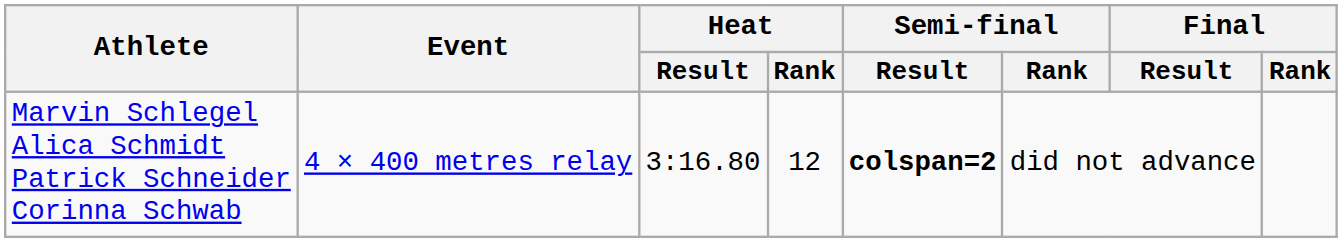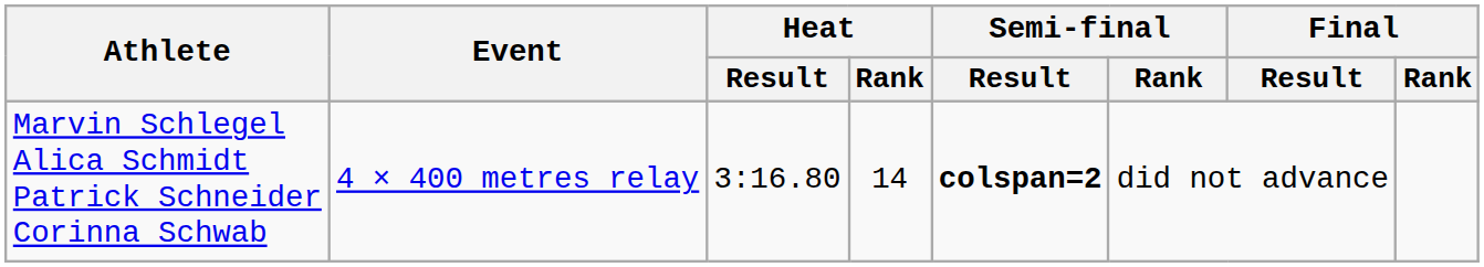 <table class=wikitable style=font-size:90%>
 <tr>
 <th rowspan=2>Athlete</th>
 <th rowspan=2>Event</th>
 <th colspan=2>Heat</th>
 <th colspan=2>Semi-final</th>
 <th colspan=2>Final</th>
 </tr>
 <tr style=font-size:95%>
 <th>Result</th>
 <th>Rank</th>
 <th>Result</th>
 <th>Rank</th>
 <th>Result</th>
 <th>Rank</th>
 </tr>
 <tr align=center>
 <td align=left><a href='#'>Marvin Schlegel</a><br><a href='#'>Alica Schmidt</a><br><a href='#'>Patrick Schneider</a><br><a href='#'>Corinna Schwab</a></td>
 <td align=left><a href='#'>4 × 400 metres relay</a></td>
 <td>3:16.80 </td>
-<td>12</td>
+<td>14</td>
 <td><strong>colspan=2 </strong></td>
 <td colspan=2>did not advance</td>
 </tr>
 </table>
